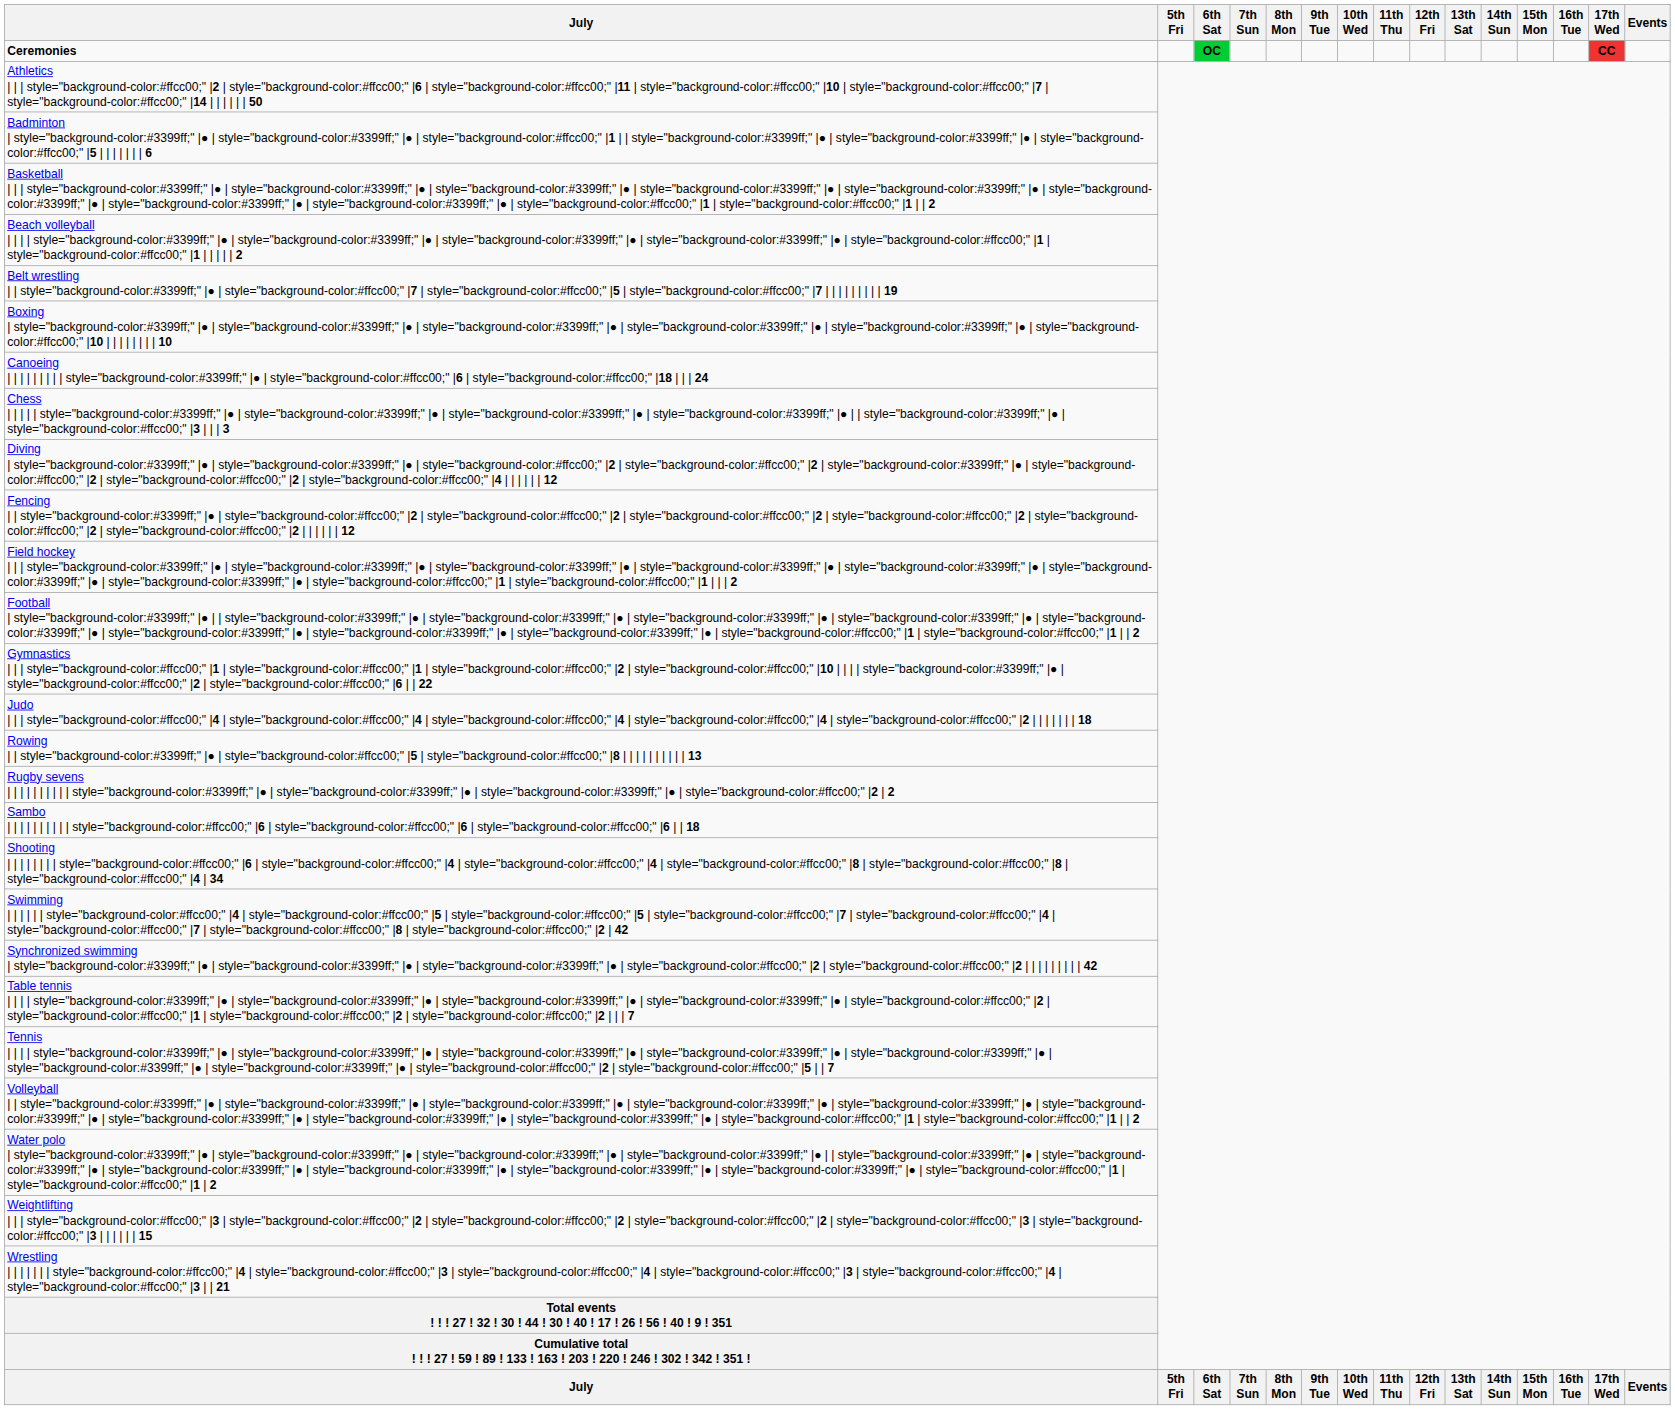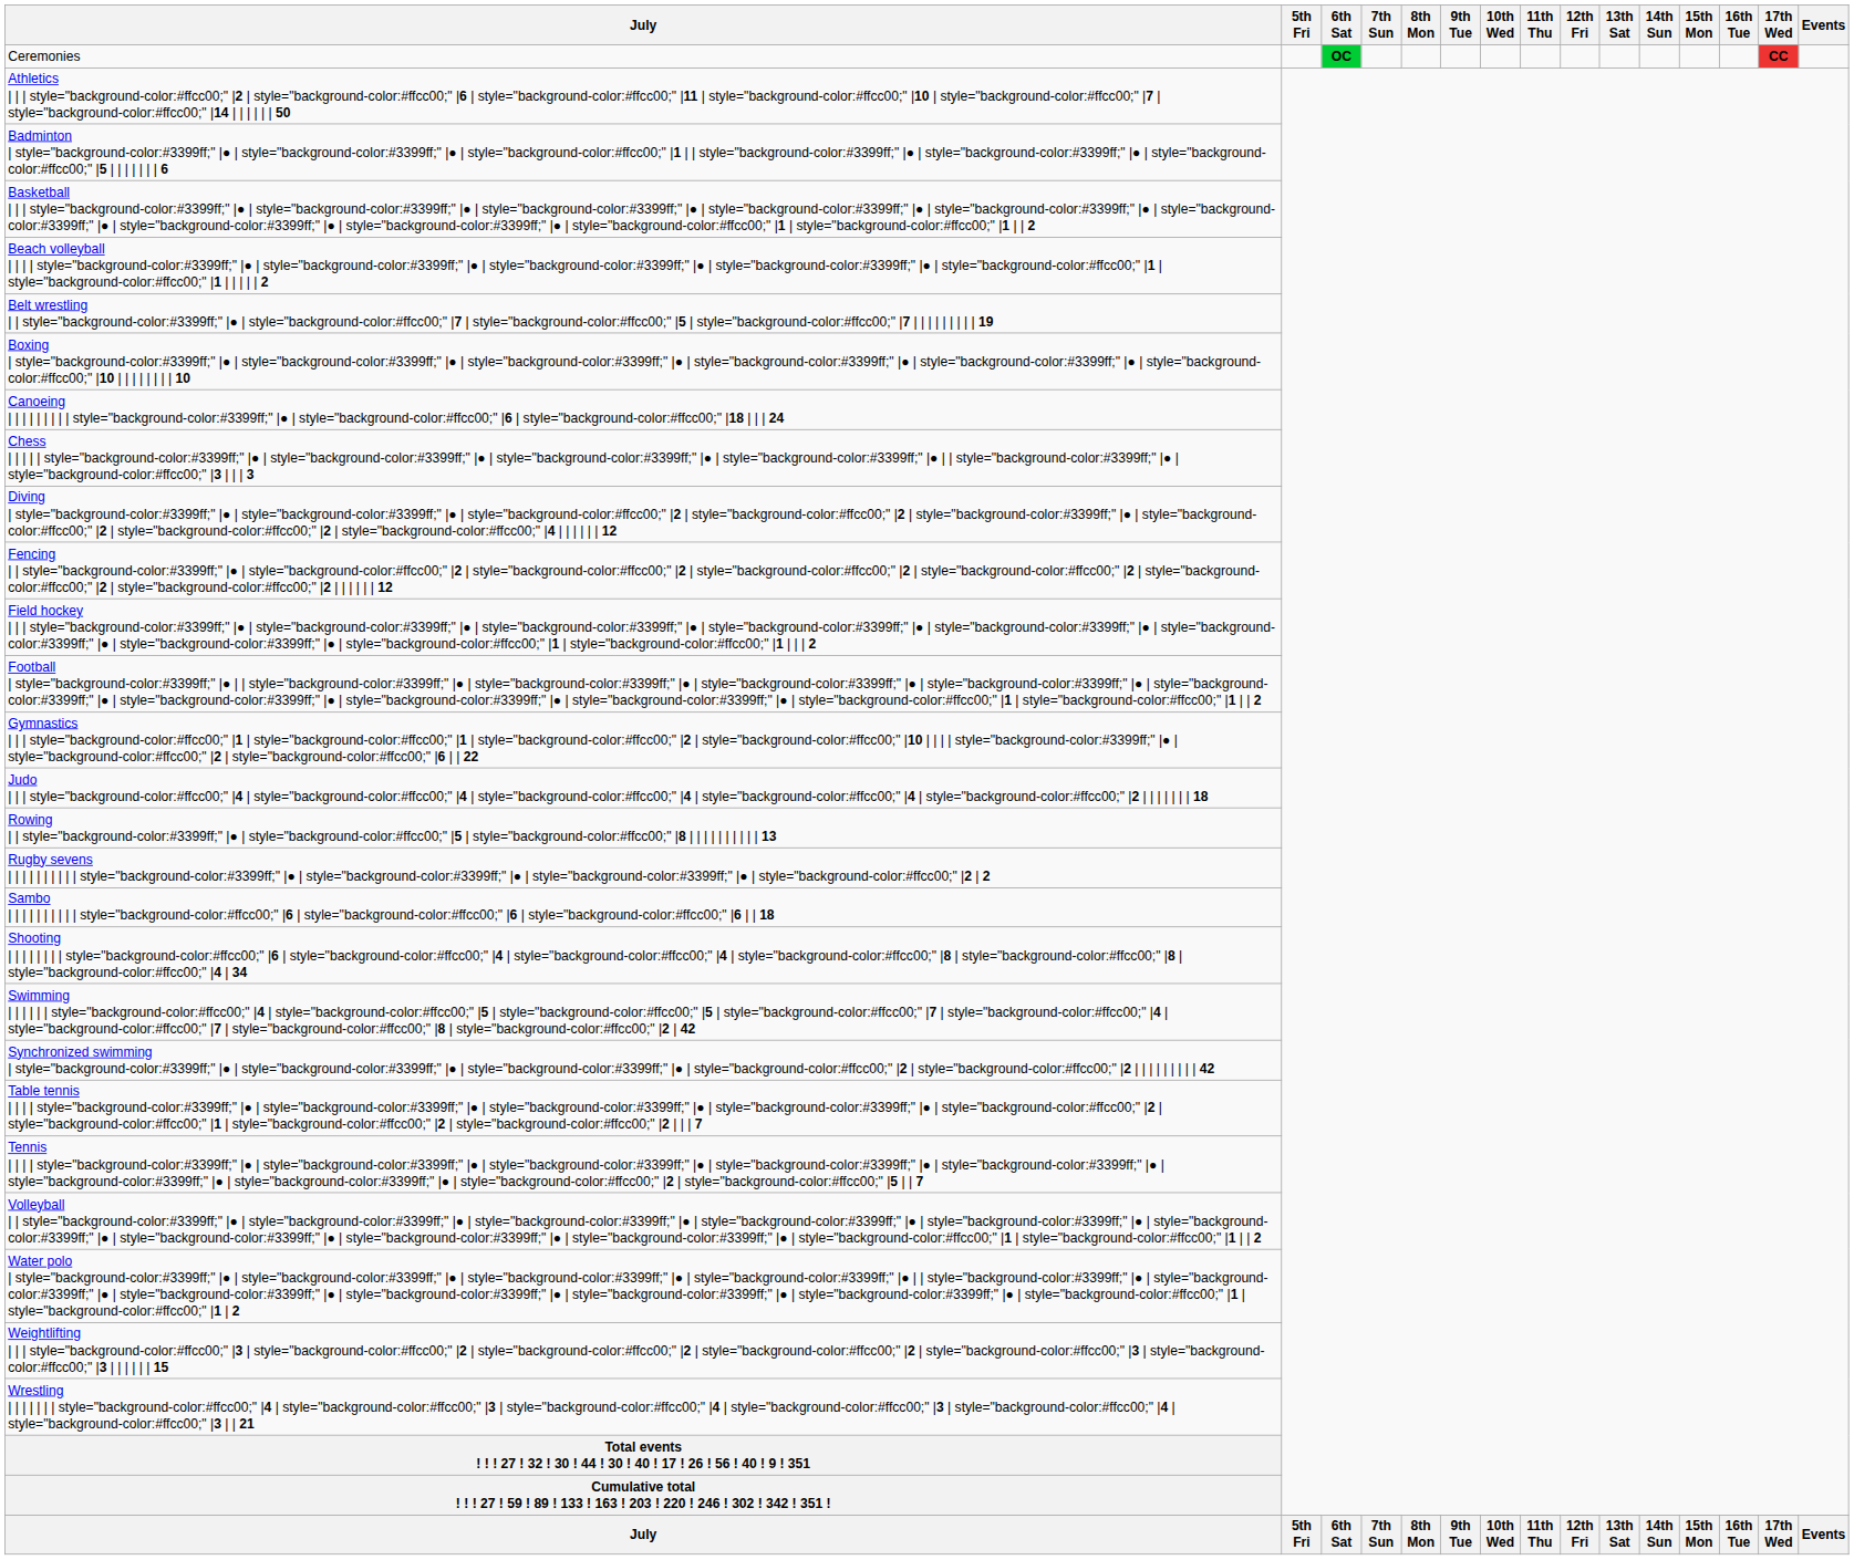 <table class="wikitable" style="margin:0.5em auto; font-size:90%; line-height:1.25em;">
 <tr>
 <th>July</th>
 <th style="width:2.5em">5th<br>Fri</th>
 <th style="width:2.5em">6th<br>Sat</th>
 <th style="width:2.5em">7th<br>Sun</th>
 <th style="width:2.5em">8th<br>Mon</th>
 <th style="width:2.5em">9th<br>Tue</th>
 <th style="width:2.5em">10th<br>Wed</th>
 <th style="width:2.5em">11th<br>Thu</th>
 <th style="width:2.5em">12th<br>Fri</th>
 <th style="width:2.5em">13th<br>Sat</th>
 <th style="width:2.5em">14th<br>Sun</th>
 <th style="width:2.5em">15th<br>Mon</th>
 <th style="width:2.5em">16th<br>Tue</th>
 <th style="width:2.5em">17th<br>Wed</th>
 <th>Events</th>
 </tr>
 <tr>
-<td><strong>Ceremonies</strong></td>
+<td>Ceremonies</td>
 <td></td>
 <td style="background:#00cc33; text-align:center;"><strong>OC</strong></td>
 <td></td>
 <td></td>
 <td></td>
 <td></td>
 <td></td>
 <td></td>
 <td></td>
 <td></td>
 <td></td>
 <td></td>
 <td style="background:#ee3333; text-align:center;"><strong>CC</strong></td>
 <td></td>
 </tr>
 <tr style="text-align:center;">
 <td style="text-align:left;"> <a href='#'>Athletics</a><br>|  |  | style="background-color:#ffcc00;" |<strong>2</strong> | style="background-color:#ffcc00;" |<strong>6</strong> | style="background-color:#ffcc00;" |<strong>11</strong> | style="background-color:#ffcc00;" |<strong>10</strong> | style="background-color:#ffcc00;" |<strong>7</strong> | style="background-color:#ffcc00;" |<strong>14</strong> |  |  |  |  |  | <strong>50</strong></td>
 </tr>
 <tr style="text-align:center;">
 <td style="text-align:left;"> <a href='#'>Badminton</a><br>| style="background-color:#3399ff;" |● | style="background-color:#3399ff;" |● | style="background-color:#ffcc00;" |<strong>1</strong> |  | style="background-color:#3399ff;" |● | style="background-color:#3399ff;" |● | style="background-color:#ffcc00;" |<strong>5</strong> |  |  |  |  |  |  | <strong>6</strong></td>
 </tr>
 <tr style="text-align:center;">
 <td style="text-align:left;"> <a href='#'>Basketball</a><br>|  |  | style="background-color:#3399ff;" |● | style="background-color:#3399ff;" |● | style="background-color:#3399ff;" |● | style="background-color:#3399ff;" |● | style="background-color:#3399ff;" |● | style="background-color:#3399ff;" |● | style="background-color:#3399ff;" |● | style="background-color:#3399ff;" |● | style="background-color:#ffcc00;" |<strong>1</strong> | style="background-color:#ffcc00;" |<strong>1</strong> |  | <strong>2</strong></td>
 </tr>
 <tr style="text-align:center;">
 <td style="text-align:left;"> <a href='#'>Beach volleyball</a><br>|  |  |  | style="background-color:#3399ff;" |● | style="background-color:#3399ff;" |● | style="background-color:#3399ff;" |● | style="background-color:#3399ff;" |● | style="background-color:#ffcc00;" |<strong>1</strong> | style="background-color:#ffcc00;" |<strong>1</strong> |  |  |  |  | <strong>2</strong></td>
 </tr>
 <tr style="text-align:center;">
 <td style="text-align:left;"> <a href='#'>Belt wrestling</a><br>|  | style="background-color:#3399ff;" |● | style="background-color:#ffcc00;" |<strong>7</strong> | style="background-color:#ffcc00;" |<strong>5</strong> | style="background-color:#ffcc00;" |<strong>7</strong> |  |  |  |  |  |  |  |  | <strong>19</strong></td>
 </tr>
 <tr style="text-align:center;">
 <td style="text-align:left;"> <a href='#'>Boxing</a><br>| style="background-color:#3399ff;" |● | style="background-color:#3399ff;" |● | style="background-color:#3399ff;" |● | style="background-color:#3399ff;" |● | style="background-color:#3399ff;" |● | style="background-color:#ffcc00;" |<strong>10</strong> |  |  |  |  |  |  |  | <strong>10</strong></td>
 </tr>
 <tr style="text-align:center;">
 <td style="text-align:left;"> <a href='#'>Canoeing</a><br>|  |  |  |  |  |  |  |  | style="background-color:#3399ff;" |● | style="background-color:#ffcc00;" |<strong>6</strong> | style="background-color:#ffcc00;" |<strong>18</strong> |  |  | <strong>24</strong></td>
 </tr>
 <tr style="text-align:center;">
 <td style="text-align:left;"> <a href='#'>Chess</a><br>|  |  |  |  | style="background-color:#3399ff;" |● | style="background-color:#3399ff;" |● | style="background-color:#3399ff;" |● | style="background-color:#3399ff;" |● |  | style="background-color:#3399ff;" |● | style="background-color:#ffcc00;" |<strong>3</strong> |  |  | <strong>3</strong></td>
 </tr>
 <tr style="text-align:center;">
 <td style="text-align:left;"> <a href='#'>Diving</a><br>| style="background-color:#3399ff;" |● | style="background-color:#3399ff;" |● | style="background-color:#ffcc00;" |<strong>2</strong> | style="background-color:#ffcc00;" |<strong>2</strong> | style="background-color:#3399ff;" |● | style="background-color:#ffcc00;" |<strong>2</strong> | style="background-color:#ffcc00;" |<strong>2</strong> | style="background-color:#ffcc00;" |<strong>4</strong> |  |  |  |  |  | <strong>12</strong></td>
 </tr>
 <tr style="text-align:center;">
 <td style="text-align:left;"> <a href='#'>Fencing</a><br>|  | style="background-color:#3399ff;" |● | style="background-color:#ffcc00;" |<strong>2</strong> | style="background-color:#ffcc00;" |<strong>2</strong> | style="background-color:#ffcc00;" |<strong>2</strong> | style="background-color:#ffcc00;" |<strong>2</strong> | style="background-color:#ffcc00;" |<strong>2</strong> | style="background-color:#ffcc00;" |<strong>2</strong> |  |  |  |  |  | <strong>12</strong></td>
 </tr>
 <tr style="text-align:center;">
 <td style="text-align:left;"> <a href='#'>Field hockey</a><br>|  |  | style="background-color:#3399ff;" |● | style="background-color:#3399ff;" |● | style="background-color:#3399ff;" |● | style="background-color:#3399ff;" |● | style="background-color:#3399ff;" |● | style="background-color:#3399ff;" |● | style="background-color:#3399ff;" |● | style="background-color:#ffcc00;" |<strong>1</strong> | style="background-color:#ffcc00;" |<strong>1</strong> |  |  | <strong>2</strong></td>
 </tr>
 <tr style="text-align:center;">
 <td style="text-align:left;"> <a href='#'>Football</a><br>| style="background-color:#3399ff;" |● |  | style="background-color:#3399ff;" |● | style="background-color:#3399ff;" |● | style="background-color:#3399ff;" |● | style="background-color:#3399ff;" |● | style="background-color:#3399ff;" |● | style="background-color:#3399ff;" |● | style="background-color:#3399ff;" |● | style="background-color:#3399ff;" |● | style="background-color:#ffcc00;" |<strong>1</strong> | style="background-color:#ffcc00;" |<strong>1</strong> |  | <strong>2</strong></td>
 </tr>
 <tr style="text-align:center;">
 <td style="text-align:left;"> <a href='#'>Gymnastics</a><br>|  |  | style="background-color:#ffcc00;" |<strong>1</strong> | style="background-color:#ffcc00;" |<strong>1</strong> | style="background-color:#ffcc00;" |<strong>2</strong> | style="background-color:#ffcc00;" |<strong>10</strong> |  |  |  | style="background-color:#3399ff;" |● | style="background-color:#ffcc00;" |<strong>2</strong> | style="background-color:#ffcc00;" |<strong>6</strong> |  | <strong>22</strong></td>
 </tr>
 <tr style="text-align:center;">
 <td style="text-align:left;"> <a href='#'>Judo</a><br>|  |  | style="background-color:#ffcc00;" |<strong>4</strong> | style="background-color:#ffcc00;" |<strong>4</strong> | style="background-color:#ffcc00;" |<strong>4</strong> | style="background-color:#ffcc00;" |<strong>4</strong> | style="background-color:#ffcc00;" |<strong>2</strong> |  |  |  |  |  |  | <strong>18</strong></td>
 </tr>
 <tr style="text-align:center;">
 <td style="text-align:left;"> <a href='#'>Rowing</a><br>|  | style="background-color:#3399ff;" |● | style="background-color:#ffcc00;" |<strong>5</strong> | style="background-color:#ffcc00;" |<strong>8</strong> |  |  |  |  |  |  |  |  |  | <strong>13</strong></td>
 </tr>
 <tr style="text-align:center;">
 <td style="text-align:left;"> <a href='#'>Rugby sevens</a><br>|  |  |  |  |  |  |  |  |  | style="background-color:#3399ff;" |● | style="background-color:#3399ff;" |● | style="background-color:#3399ff;" |● | style="background-color:#ffcc00;" |<strong>2</strong> | <strong>2</strong></td>
 </tr>
 <tr style="text-align:center;">
 <td style="text-align:left;"> <a href='#'>Sambo</a><br>|  |  |  |  |  |  |  |  |  | style="background-color:#ffcc00;" |<strong>6</strong> | style="background-color:#ffcc00;" |<strong>6</strong> | style="background-color:#ffcc00;" |<strong>6</strong> |  | <strong>18</strong></td>
 </tr>
 <tr style="text-align:center;">
 <td style="text-align:left;"> <a href='#'>Shooting</a><br>|  |  |  |  |  |  |  | style="background-color:#ffcc00;" |<strong>6</strong> | style="background-color:#ffcc00;" |<strong>4</strong> | style="background-color:#ffcc00;" |<strong>4</strong> | style="background-color:#ffcc00;" |<strong>8</strong> | style="background-color:#ffcc00;" |<strong>8</strong> | style="background-color:#ffcc00;" |<strong>4</strong> | <strong>34</strong></td>
 </tr>
 <tr style="text-align:center;">
 <td style="text-align:left;"> <a href='#'>Swimming</a><br>|  |  |  |  |  | style="background-color:#ffcc00;" |<strong>4</strong> | style="background-color:#ffcc00;" |<strong>5</strong> | style="background-color:#ffcc00;" |<strong>5</strong> | style="background-color:#ffcc00;" |<strong>7</strong> | style="background-color:#ffcc00;" |<strong>4</strong> | style="background-color:#ffcc00;" |<strong>7</strong> | style="background-color:#ffcc00;" |<strong>8</strong> | style="background-color:#ffcc00;" |<strong>2</strong> | <strong>42</strong></td>
 </tr>
 <tr style="text-align:center;">
 <td style="text-align:left;"> <a href='#'>Synchronized swimming</a><br>| style="background-color:#3399ff;" |● | style="background-color:#3399ff;" |● | style="background-color:#3399ff;" |● | style="background-color:#ffcc00;" |<strong>2</strong> | style="background-color:#ffcc00;" |<strong>2</strong> |  |  |  |  |  |  |  |  | <strong>42</strong></td>
 </tr>
 <tr style="text-align:center;">
 <td style="text-align:left;"> <a href='#'>Table tennis</a><br>|  |  |  | style="background-color:#3399ff;" |● | style="background-color:#3399ff;" |● | style="background-color:#3399ff;" |● | style="background-color:#3399ff;" |● | style="background-color:#ffcc00;" |<strong>2</strong> | style="background-color:#ffcc00;" |<strong>1</strong> | style="background-color:#ffcc00;" |<strong>2</strong> | style="background-color:#ffcc00;" |<strong>2</strong> |  |  | <strong>7</strong></td>
 </tr>
 <tr style="text-align:center;">
 <td style="text-align:left;"> <a href='#'>Tennis</a><br>|  |  |  | style="background-color:#3399ff;" |● | style="background-color:#3399ff;" |● | style="background-color:#3399ff;" |● | style="background-color:#3399ff;" |● | style="background-color:#3399ff;" |● | style="background-color:#3399ff;" |● | style="background-color:#3399ff;" |● | style="background-color:#ffcc00;" |<strong>2</strong> | style="background-color:#ffcc00;" |<strong>5</strong> |  | <strong>7</strong></td>
 </tr>
 <tr style="text-align:center;">
 <td style="text-align:left;"> <a href='#'>Volleyball</a><br>|  | style="background-color:#3399ff;" |● | style="background-color:#3399ff;" |● | style="background-color:#3399ff;" |● | style="background-color:#3399ff;" |● | style="background-color:#3399ff;" |● | style="background-color:#3399ff;" |● | style="background-color:#3399ff;" |● | style="background-color:#3399ff;" |● | style="background-color:#3399ff;" |● | style="background-color:#ffcc00;" |<strong>1</strong> | style="background-color:#ffcc00;" |<strong>1</strong> |  | <strong>2</strong></td>
 </tr>
 <tr style="text-align:center;">
 <td style="text-align:left;"> <a href='#'>Water polo</a><br>| style="background-color:#3399ff;" |● | style="background-color:#3399ff;" |● | style="background-color:#3399ff;" |● | style="background-color:#3399ff;" |● |  | style="background-color:#3399ff;" |● | style="background-color:#3399ff;" |● | style="background-color:#3399ff;" |● | style="background-color:#3399ff;" |● | style="background-color:#3399ff;" |● | style="background-color:#3399ff;" |● | style="background-color:#ffcc00;" |<strong>1</strong> | style="background-color:#ffcc00;" |<strong>1</strong> | <strong>2</strong></td>
 </tr>
 <tr style="text-align:center;">
 <td style="text-align:left;"> <a href='#'>Weightlifting</a><br>|  |  | style="background-color:#ffcc00;" |<strong>3</strong> | style="background-color:#ffcc00;" |<strong>2</strong> | style="background-color:#ffcc00;" |<strong>2</strong> | style="background-color:#ffcc00;" |<strong>2</strong> | style="background-color:#ffcc00;" |<strong>3</strong> | style="background-color:#ffcc00;" |<strong>3</strong> |  |  |  |  |  | <strong>15</strong></td>
 </tr>
 <tr style="text-align:center;">
 <td style="text-align:left;"> <a href='#'>Wrestling</a><br>|  |  |  |  |  |  | style="background-color:#ffcc00;" |<strong>4</strong> | style="background-color:#ffcc00;" |<strong>3</strong> | style="background-color:#ffcc00;" |<strong>4</strong> | style="background-color:#ffcc00;" |<strong>3</strong> | style="background-color:#ffcc00;" |<strong>4</strong> | style="background-color:#ffcc00;" |<strong>3</strong> |  | <strong>21</strong></td>
 </tr>
 <tr style="text-align:center;">
 <th>Total events<br>!  !  ! 27 ! 32 ! 30 ! 44 ! 30 ! 40 ! 17 ! 26 ! 56 ! 40 ! 9 ! 351</th>
 </tr>
 <tr style="text-align:center;">
 <th>Cumulative total<br>!  !  ! 27 ! 59 ! 89 ! 133 ! 163 ! 203 ! 220 ! 246 ! 302 ! 342 ! 351 !</th>
 </tr>
 <tr>
 <th>July</th>
 <th style="width:2.5em">5th<br>Fri</th>
 <th style="width:2.5em">6th<br>Sat</th>
 <th style="width:2.5em">7th<br>Sun</th>
 <th style="width:2.5em">8th<br>Mon</th>
 <th style="width:2.5em">9th<br>Tue</th>
 <th style="width:2.5em">10th<br>Wed</th>
 <th style="width:2.5em">11th<br>Thu</th>
 <th style="width:2.5em">12th<br>Fri</th>
 <th style="width:2.5em">13th<br>Sat</th>
 <th style="width:2.5em">14th<br>Sun</th>
 <th style="width:2.5em">15th<br>Mon</th>
 <th style="width:2.5em">16th<br>Tue</th>
 <th style="width:2.5em">17th<br>Wed</th>
 <th>Events</th>
 </tr>
 </table>
